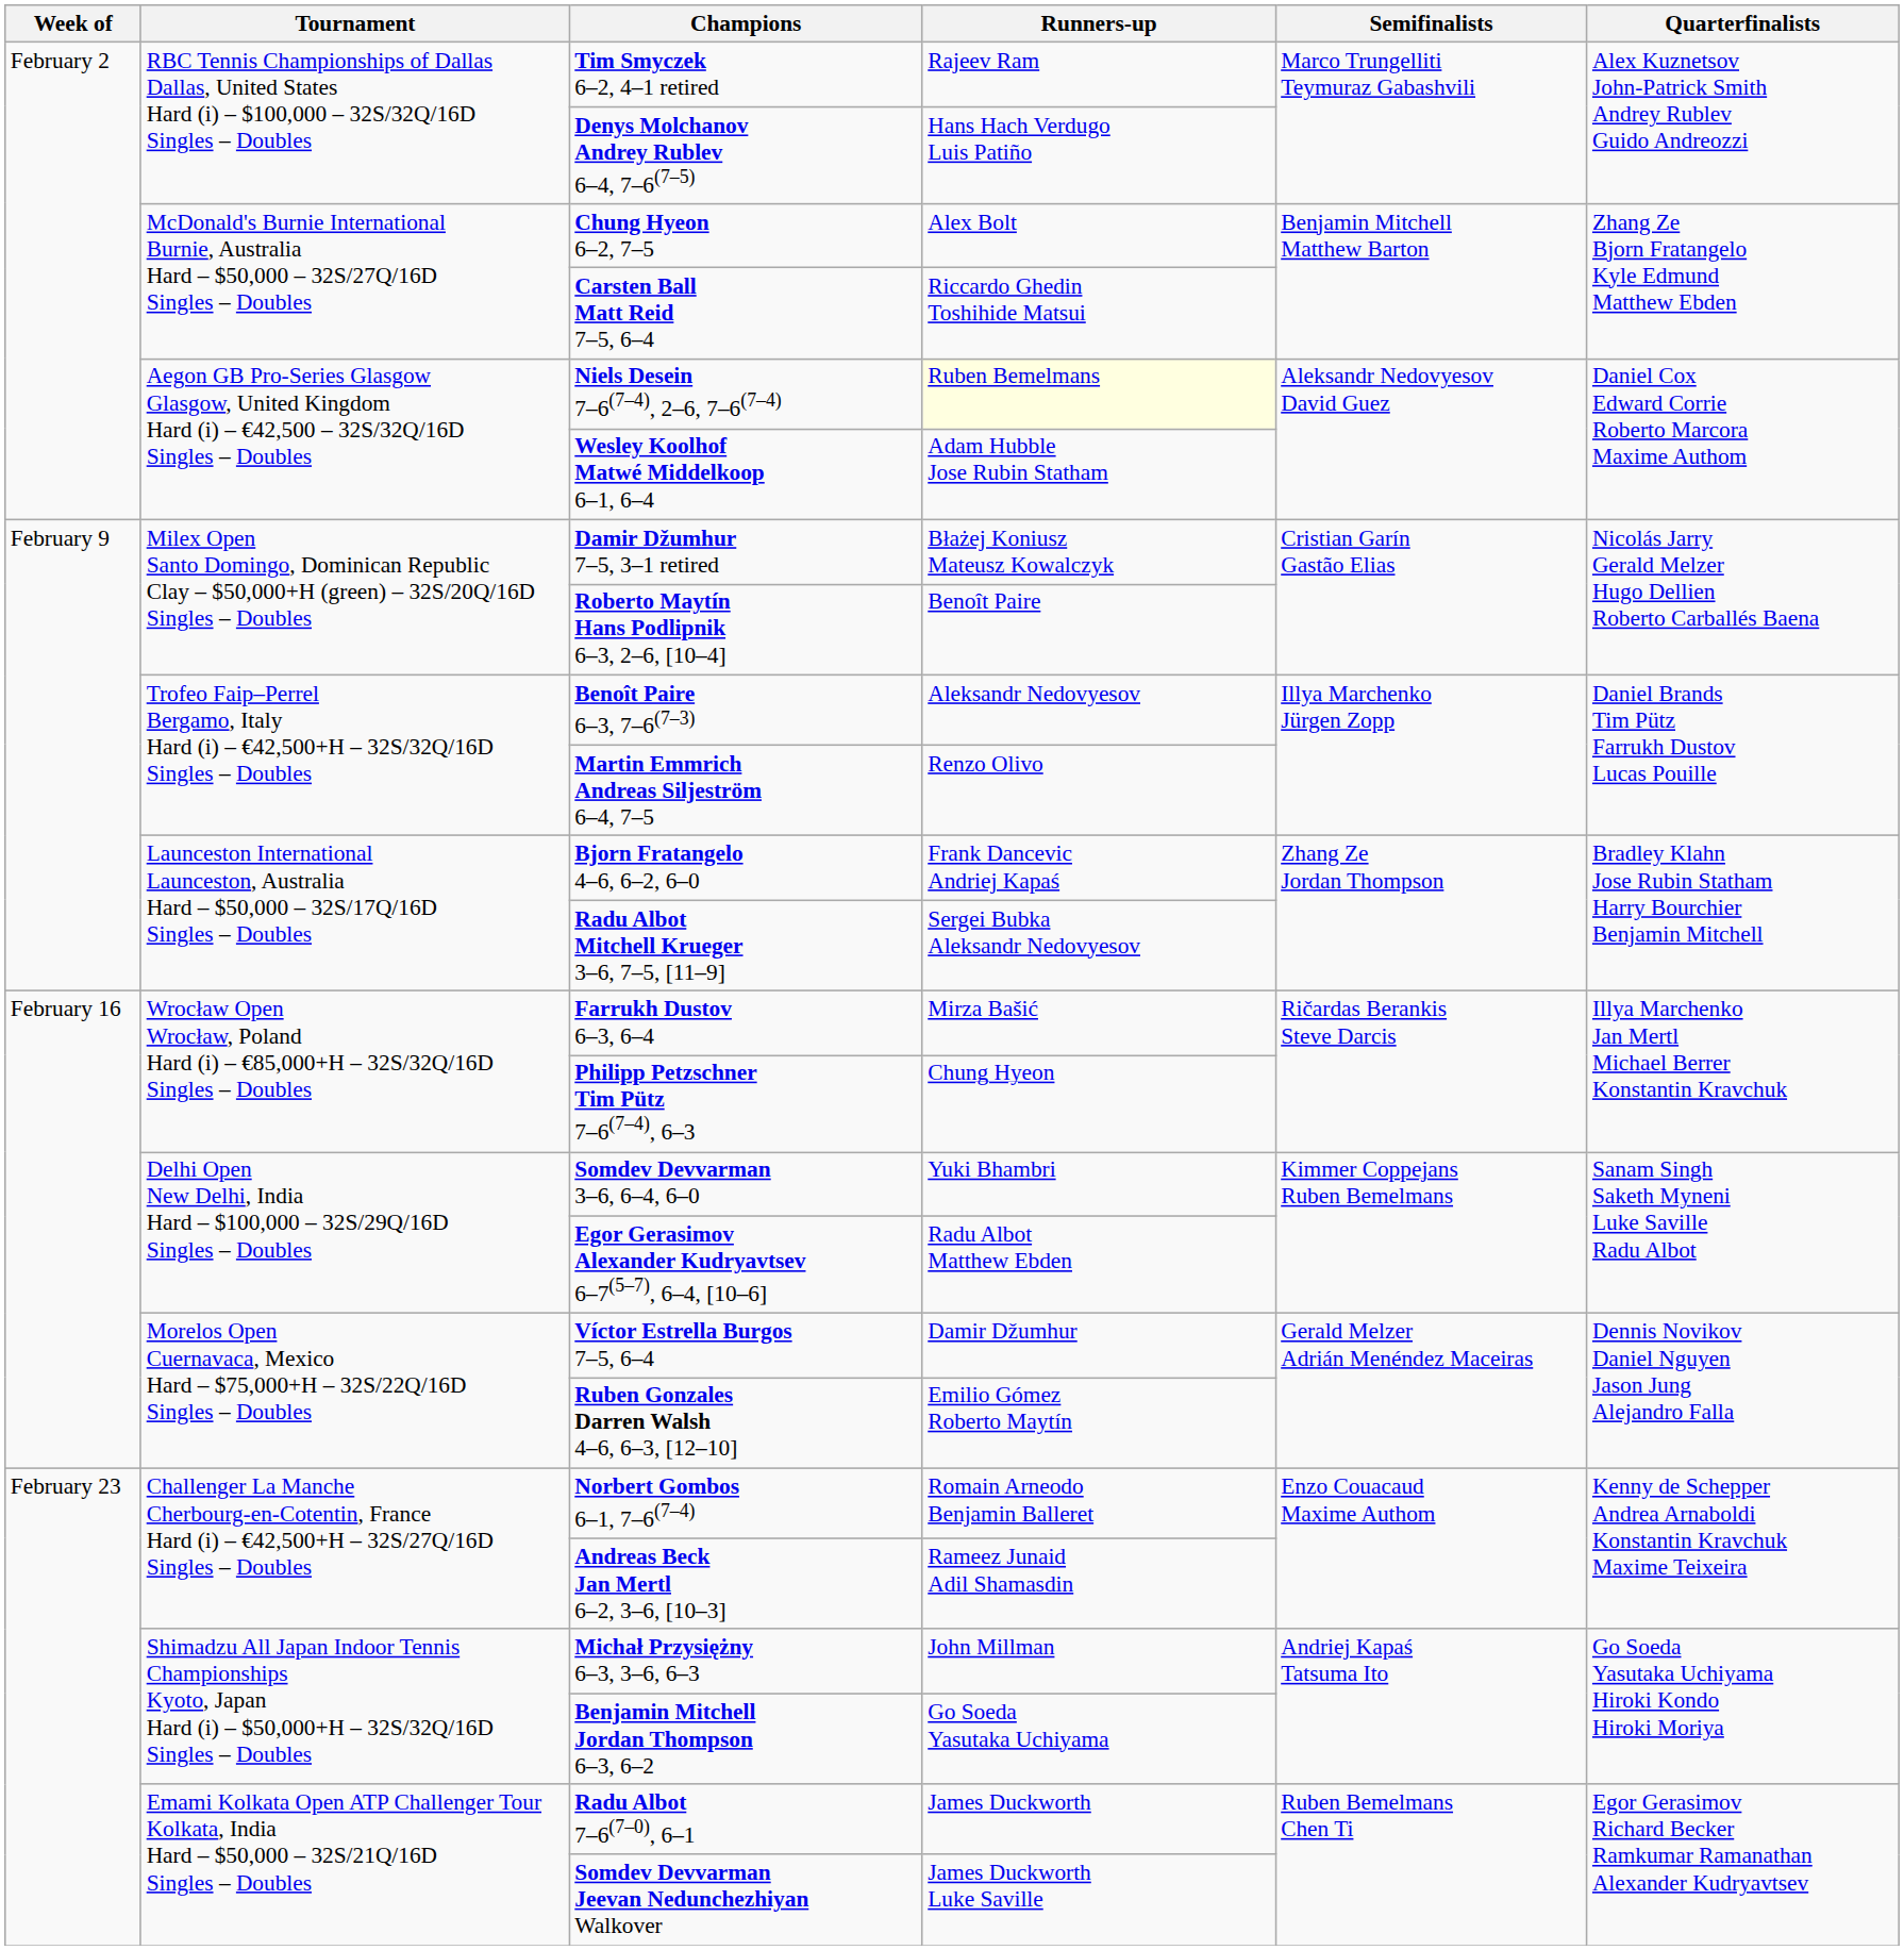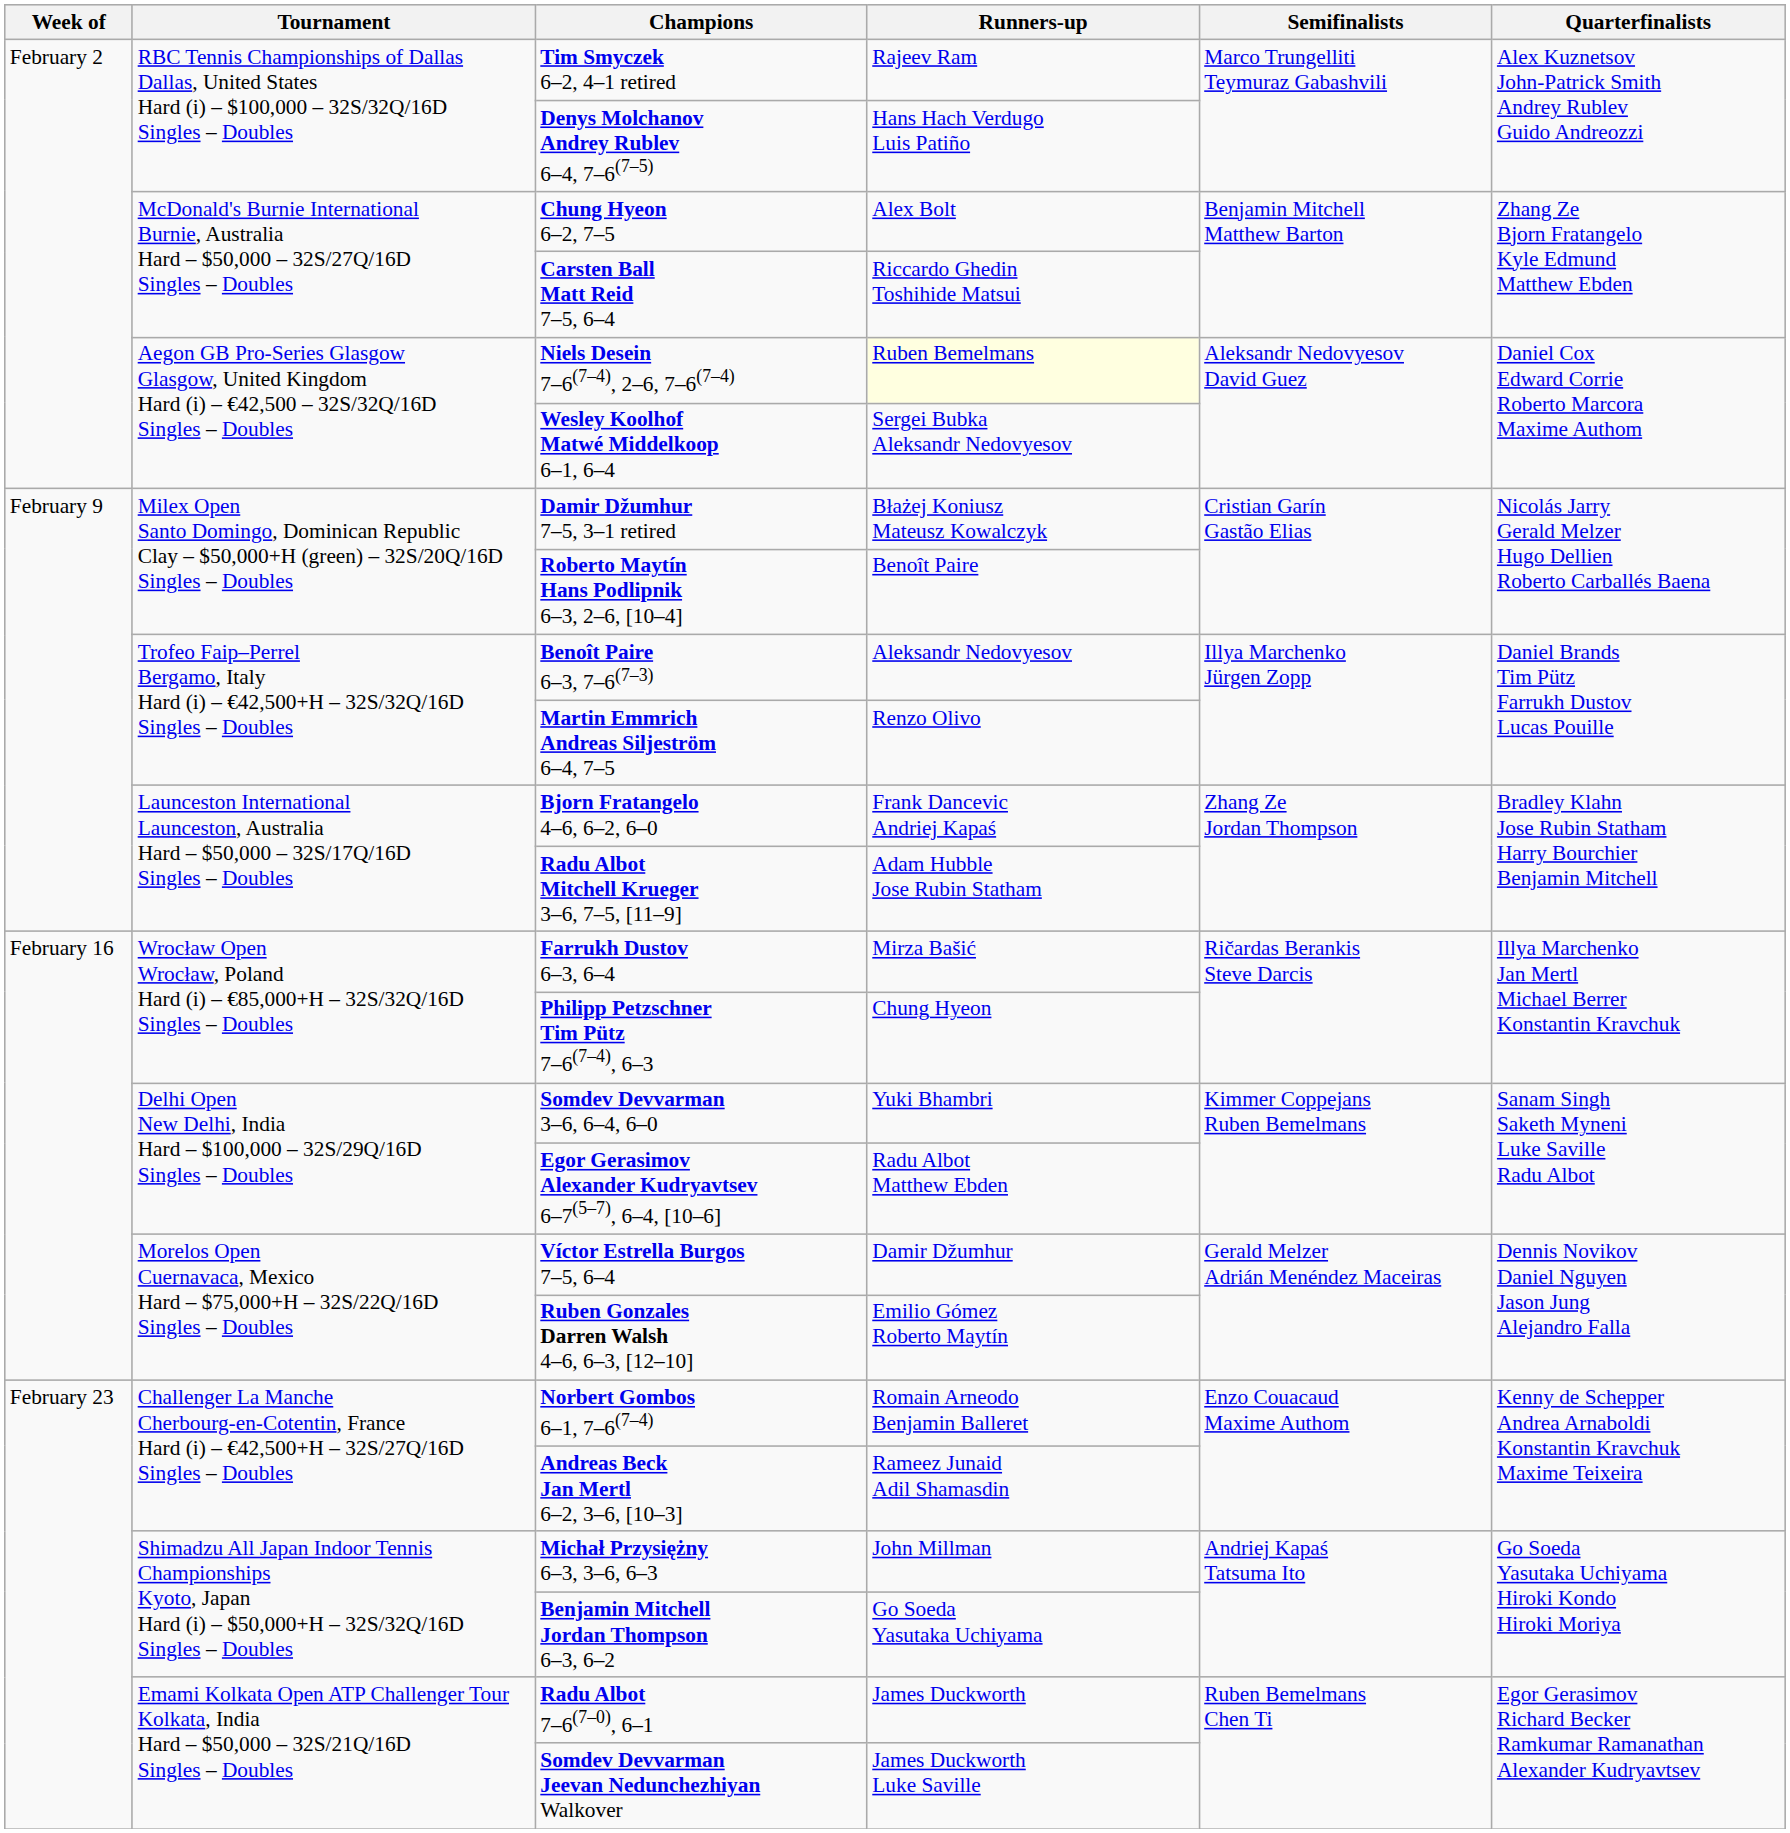 <table class="wikitable" style="font-size:85%;">
 <tr>
 <th width="75">Week of</th>
 <th width="250">Tournament</th>
 <th width="205">Champions</th>
 <th width="205">Runners-up</th>
 <th width="180">Semifinalists</th>
 <th width="180">Quarterfinalists</th>
 </tr>
 <tr valign=top>
 <td rowspan=6>February 2</td>
 <td rowspan=2><a href='#'>RBC Tennis Championships of Dallas</a><br><a href='#'>Dallas</a>, United States<br> Hard (i) – $100,000 – 32S/32Q/16D<br><a href='#'>Singles</a> – <a href='#'>Doubles</a></td>
 <td> <strong><a href='#'>Tim Smyczek</a></strong> <br> 6–2, 4–1 retired</td>
 <td> <a href='#'>Rajeev Ram</a></td>
 <td rowspan=2> <a href='#'>Marco Trungelliti</a> <br>  <a href='#'>Teymuraz Gabashvili</a></td>
 <td rowspan=2> <a href='#'>Alex Kuznetsov</a> <br> <a href='#'>John-Patrick Smith</a> <br>  <a href='#'>Andrey Rublev</a> <br>  <a href='#'>Guido Andreozzi</a></td>
 </tr>
 <tr valign=top>
 <td> <strong><a href='#'>Denys Molchanov</a></strong> <br>  <strong><a href='#'>Andrey Rublev</a></strong> <br> 6–4, 7–6<sup>(7–5)</sup></td>
 <td> <a href='#'>Hans Hach Verdugo</a> <br>  <a href='#'>Luis Patiño</a></td>
 </tr>
 <tr valign=top>
 <td rowspan=2><a href='#'>McDonald's Burnie International</a><br><a href='#'>Burnie</a>, Australia<br> Hard – $50,000 – 32S/27Q/16D<br><a href='#'>Singles</a> – <a href='#'>Doubles</a></td>
 <td> <strong><a href='#'>Chung Hyeon</a></strong> <br> 6–2, 7–5</td>
 <td>  <a href='#'>Alex Bolt</a></td>
 <td rowspan=2> <a href='#'>Benjamin Mitchell</a> <br>  <a href='#'>Matthew Barton</a></td>
 <td rowspan=2> <a href='#'>Zhang Ze</a> <br> <a href='#'>Bjorn Fratangelo</a> <br> <a href='#'>Kyle Edmund</a> <br>  <a href='#'>Matthew Ebden</a></td>
 </tr>
 <tr valign=top>
 <td> <strong><a href='#'>Carsten Ball</a></strong> <br>  <strong><a href='#'>Matt Reid</a></strong> <br> 7–5, 6–4</td>
 <td> <a href='#'>Riccardo Ghedin</a><br>  <a href='#'>Toshihide Matsui</a></td>
 </tr>
 <tr valign=top>
 <td rowspan=2><a href='#'>Aegon GB Pro-Series Glasgow</a><br><a href='#'>Glasgow</a>, United Kingdom<br> Hard (i) – €42,500 – 32S/32Q/16D<br><a href='#'>Singles</a> – <a href='#'>Doubles</a></td>
 <td> <strong><a href='#'>Niels Desein</a></strong> <br> 7–6<sup>(7–4)</sup>, 2–6, 7–6<sup>(7–4)</sup></td>
 <td style="background: lightyellow;"> <a href='#'>Ruben Bemelmans</a></td>
 <td rowspan=2> <a href='#'>Aleksandr Nedovyesov</a> <br>  <a href='#'>David Guez</a></td>
 <td rowspan=2> <a href='#'>Daniel Cox</a> <br>  <a href='#'>Edward Corrie</a> <br>  <a href='#'>Roberto Marcora</a> <br>  <a href='#'>Maxime Authom</a></td>
 </tr>
 <tr valign=top>
 <td> <strong><a href='#'>Wesley Koolhof</a></strong><br> <strong><a href='#'>Matwé Middelkoop</a></strong> <br> 6–1, 6–4</td>
-<td> <a href='#'>Adam Hubble</a> <br> <a href='#'>Jose Rubin Statham</a></td>
+<td> <a href='#'>Sergei Bubka</a><br> <a href='#'>Aleksandr Nedovyesov</a></td>
 </tr>
 <tr valign=top>
 <td rowspan=6>February 9</td>
 <td rowspan=2><a href='#'>Milex Open</a><br><a href='#'>Santo Domingo</a>, Dominican Republic<br> Clay – $50,000+H (green) – 32S/20Q/16D<br><a href='#'>Singles</a> – <a href='#'>Doubles</a></td>
 <td> <strong><a href='#'>Damir Džumhur</a></strong> <br>7–5, 3–1 retired</td>
 <td> <a href='#'>Błażej Koniusz</a><br> <a href='#'>Mateusz Kowalczyk</a></td>
 <td rowspan=2> <a href='#'>Cristian Garín</a> <br>  <a href='#'>Gastão Elias</a></td>
 <td rowspan=2> <a href='#'>Nicolás Jarry</a> <br>  <a href='#'>Gerald Melzer</a> <br> <a href='#'>Hugo Dellien</a> <br>  <a href='#'>Roberto Carballés Baena</a></td>
 </tr>
 <tr valign=top>
 <td> <strong><a href='#'>Roberto Maytín</a></strong>  <br>  <strong><a href='#'>Hans Podlipnik</a></strong> <br>6–3, 2–6, [10–4]</td>
 <td> <a href='#'>Benoît Paire</a></td>
 </tr>
 <tr valign=top>
 <td rowspan=2><a href='#'>Trofeo Faip–Perrel</a><br><a href='#'>Bergamo</a>, Italy<br> Hard (i) – €42,500+H – 32S/32Q/16D<br><a href='#'>Singles</a> – <a href='#'>Doubles</a></td>
 <td> <strong><a href='#'>Benoît Paire</a></strong><br>  6–3, 7–6<sup>(7–3)</sup></td>
 <td> <a href='#'>Aleksandr Nedovyesov</a></td>
 <td rowspan=2> <a href='#'>Illya Marchenko</a> <br>  <a href='#'>Jürgen Zopp</a></td>
 <td rowspan=2> <a href='#'>Daniel Brands</a> <br> <a href='#'>Tim Pütz</a> <br>  <a href='#'>Farrukh Dustov</a> <br>  <a href='#'>Lucas Pouille</a></td>
 </tr>
 <tr valign=top>
 <td> <strong><a href='#'>Martin Emmrich</a></strong><br> <strong><a href='#'>Andreas Siljeström</a></strong><br>6–4, 7–5</td>
 <td> <a href='#'>Renzo Olivo</a></td>
 </tr>
 <tr valign=top>
 <td rowspan=2><a href='#'>Launceston International</a><br><a href='#'>Launceston</a>, Australia<br> Hard – $50,000 – 32S/17Q/16D<br><a href='#'>Singles</a> – <a href='#'>Doubles</a></td>
 <td> <strong><a href='#'>Bjorn Fratangelo</a></strong> <br> 4–6, 6–2, 6–0</td>
 <td> <a href='#'>Frank Dancevic</a> <br>  <a href='#'>Andriej Kapaś</a></td>
 <td rowspan=2> <a href='#'>Zhang Ze</a> <br>  <a href='#'>Jordan Thompson</a></td>
 <td rowspan=2> <a href='#'>Bradley Klahn</a> <br> <a href='#'>Jose Rubin Statham</a> <br> <a href='#'>Harry Bourchier</a> <br>  <a href='#'>Benjamin Mitchell</a></td>
 </tr>
 <tr valign=top>
 <td> <strong><a href='#'>Radu Albot</a></strong> <br> <strong><a href='#'>Mitchell Krueger</a></strong> <br> 3–6, 7–5, [11–9]</td>
-<td> <a href='#'>Sergei Bubka</a><br> <a href='#'>Aleksandr Nedovyesov</a></td>
+<td> <a href='#'>Adam Hubble</a> <br> <a href='#'>Jose Rubin Statham</a></td>
 </tr>
 <tr valign=top>
 <td rowspan=6>February 16</td>
 <td rowspan=2><a href='#'>Wrocław Open</a><br><a href='#'>Wrocław</a>, Poland<br> Hard (i) – €85,000+H – 32S/32Q/16D<br><a href='#'>Singles</a> – <a href='#'>Doubles</a></td>
 <td> <strong><a href='#'>Farrukh Dustov</a></strong><br> 6–3, 6–4</td>
 <td> <a href='#'>Mirza Bašić</a></td>
 <td rowspan=2> <a href='#'>Ričardas Berankis</a> <br>  <a href='#'>Steve Darcis</a></td>
 <td rowspan=2> <a href='#'>Illya Marchenko</a> <br> <a href='#'>Jan Mertl</a> <br> <a href='#'>Michael Berrer</a> <br>  <a href='#'>Konstantin Kravchuk</a></td>
 </tr>
 <tr valign=top>
 <td> <strong><a href='#'>Philipp Petzschner</a></strong><br>  <strong><a href='#'>Tim Pütz</a></strong><br>7–6<sup>(7–4)</sup>, 6–3</td>
 <td> <a href='#'>Chung Hyeon</a></td>
 </tr>
 <tr valign=top>
 <td rowspan=2><a href='#'>Delhi Open</a><br><a href='#'>New Delhi</a>, India<br> Hard – $100,000 – 32S/29Q/16D<br><a href='#'>Singles</a> – <a href='#'>Doubles</a></td>
 <td> <strong><a href='#'>Somdev Devvarman</a></strong><br> 3–6, 6–4, 6–0</td>
 <td> <a href='#'>Yuki Bhambri</a></td>
 <td rowspan=2> <a href='#'>Kimmer Coppejans</a> <br>  <a href='#'>Ruben Bemelmans</a></td>
 <td rowspan=2> <a href='#'>Sanam Singh</a> <br> <a href='#'>Saketh Myneni</a><br> <a href='#'>Luke Saville</a> <br>  <a href='#'>Radu Albot</a></td>
 </tr>
 <tr valign=top>
 <td> <strong><a href='#'>Egor Gerasimov</a></strong><br>  <strong><a href='#'>Alexander Kudryavtsev</a></strong> <br>6–7<sup>(5–7)</sup>, 6–4, [10–6]</td>
 <td> <a href='#'>Radu Albot</a> <br>  <a href='#'>Matthew Ebden</a></td>
 </tr>
 <tr valign=top>
 <td rowspan=2><a href='#'>Morelos Open</a><br><a href='#'>Cuernavaca</a>, Mexico<br> Hard – $75,000+H – 32S/22Q/16D<br><a href='#'>Singles</a> – <a href='#'>Doubles</a></td>
 <td> <strong><a href='#'>Víctor Estrella Burgos</a></strong><br>7–5, 6–4</td>
 <td> <a href='#'>Damir Džumhur</a></td>
 <td rowspan=2> <a href='#'>Gerald Melzer</a> <br>  <a href='#'>Adrián Menéndez Maceiras</a></td>
 <td rowspan=2> <a href='#'>Dennis Novikov</a> <br> <a href='#'>Daniel Nguyen</a> <br> <a href='#'>Jason Jung</a> <br> <a href='#'>Alejandro Falla</a></td>
 </tr>
 <tr valign=top>
 <td> <strong><a href='#'>Ruben Gonzales</a></strong><br>  <strong>Darren Walsh</strong><br>4–6, 6–3, [12–10]</td>
 <td> <a href='#'>Emilio Gómez</a><br>  <a href='#'>Roberto Maytín</a></td>
 </tr>
 <tr valign=top>
 <td rowspan=6>February 23</td>
 <td rowspan=2><a href='#'>Challenger La Manche</a><br><a href='#'>Cherbourg-en-Cotentin</a>, France<br> Hard (i) – €42,500+H – 32S/27Q/16D<br><a href='#'>Singles</a> – <a href='#'>Doubles</a></td>
 <td> <strong><a href='#'>Norbert Gombos</a></strong><br>6–1, 7–6<sup>(7–4)</sup></td>
 <td> <a href='#'>Romain Arneodo</a>  <br>  <a href='#'>Benjamin Balleret</a></td>
 <td rowspan=2> <a href='#'>Enzo Couacaud</a> <br>  <a href='#'>Maxime Authom</a></td>
 <td rowspan=2> <a href='#'>Kenny de Schepper</a> <br> <a href='#'>Andrea Arnaboldi</a> <br> <a href='#'>Konstantin Kravchuk</a> <br>  <a href='#'>Maxime Teixeira</a></td>
 </tr>
 <tr valign=top>
 <td> <strong><a href='#'>Andreas Beck</a></strong><br> <strong><a href='#'>Jan Mertl</a></strong><br>6–2, 3–6, [10–3]</td>
 <td> <a href='#'>Rameez Junaid</a><br>  <a href='#'>Adil Shamasdin</a></td>
 </tr>
 <tr valign=top>
 <td rowspan=2><a href='#'>Shimadzu All Japan Indoor Tennis Championships</a><br><a href='#'>Kyoto</a>, Japan<br> Hard (i) – $50,000+H – 32S/32Q/16D<br><a href='#'>Singles</a> – <a href='#'>Doubles</a></td>
 <td> <strong><a href='#'>Michał Przysiężny</a></strong><br>6–3, 3–6, 6–3</td>
 <td> <a href='#'>John Millman</a></td>
 <td rowspan=2> <a href='#'>Andriej Kapaś</a> <br>  <a href='#'>Tatsuma Ito</a></td>
 <td rowspan=2> <a href='#'>Go Soeda</a> <br> <a href='#'>Yasutaka Uchiyama</a> <br> <a href='#'>Hiroki Kondo</a> <br>  <a href='#'>Hiroki Moriya</a></td>
 </tr>
 <tr valign=top>
 <td> <strong><a href='#'>Benjamin Mitchell</a></strong><br>  <strong><a href='#'>Jordan Thompson</a></strong><br>6–3, 6–2</td>
 <td> <a href='#'>Go Soeda</a><br>  <a href='#'>Yasutaka Uchiyama</a></td>
 </tr>
 <tr valign=top>
 <td rowspan=2><a href='#'>Emami Kolkata Open ATP Challenger Tour</a><br><a href='#'>Kolkata</a>, India<br> Hard – $50,000 – 32S/21Q/16D<br><a href='#'>Singles</a> – <a href='#'>Doubles</a></td>
 <td> <strong><a href='#'>Radu Albot</a></strong><br>7–6<sup>(7–0)</sup>, 6–1</td>
 <td> <a href='#'>James Duckworth</a></td>
 <td rowspan=2> <a href='#'>Ruben Bemelmans</a> <br>  <a href='#'>Chen Ti</a></td>
 <td rowspan=2> <a href='#'>Egor Gerasimov</a> <br> <a href='#'>Richard Becker</a> <br> <a href='#'>Ramkumar Ramanathan</a> <br>  <a href='#'>Alexander Kudryavtsev</a></td>
 </tr>
 <tr valign=top>
 <td> <strong><a href='#'>Somdev Devvarman</a></strong><br>  <strong><a href='#'>Jeevan Nedunchezhiyan</a></strong><br>Walkover</td>
 <td> <a href='#'>James Duckworth</a><br> <a href='#'>Luke Saville</a></td>
 </tr>
 </table>
